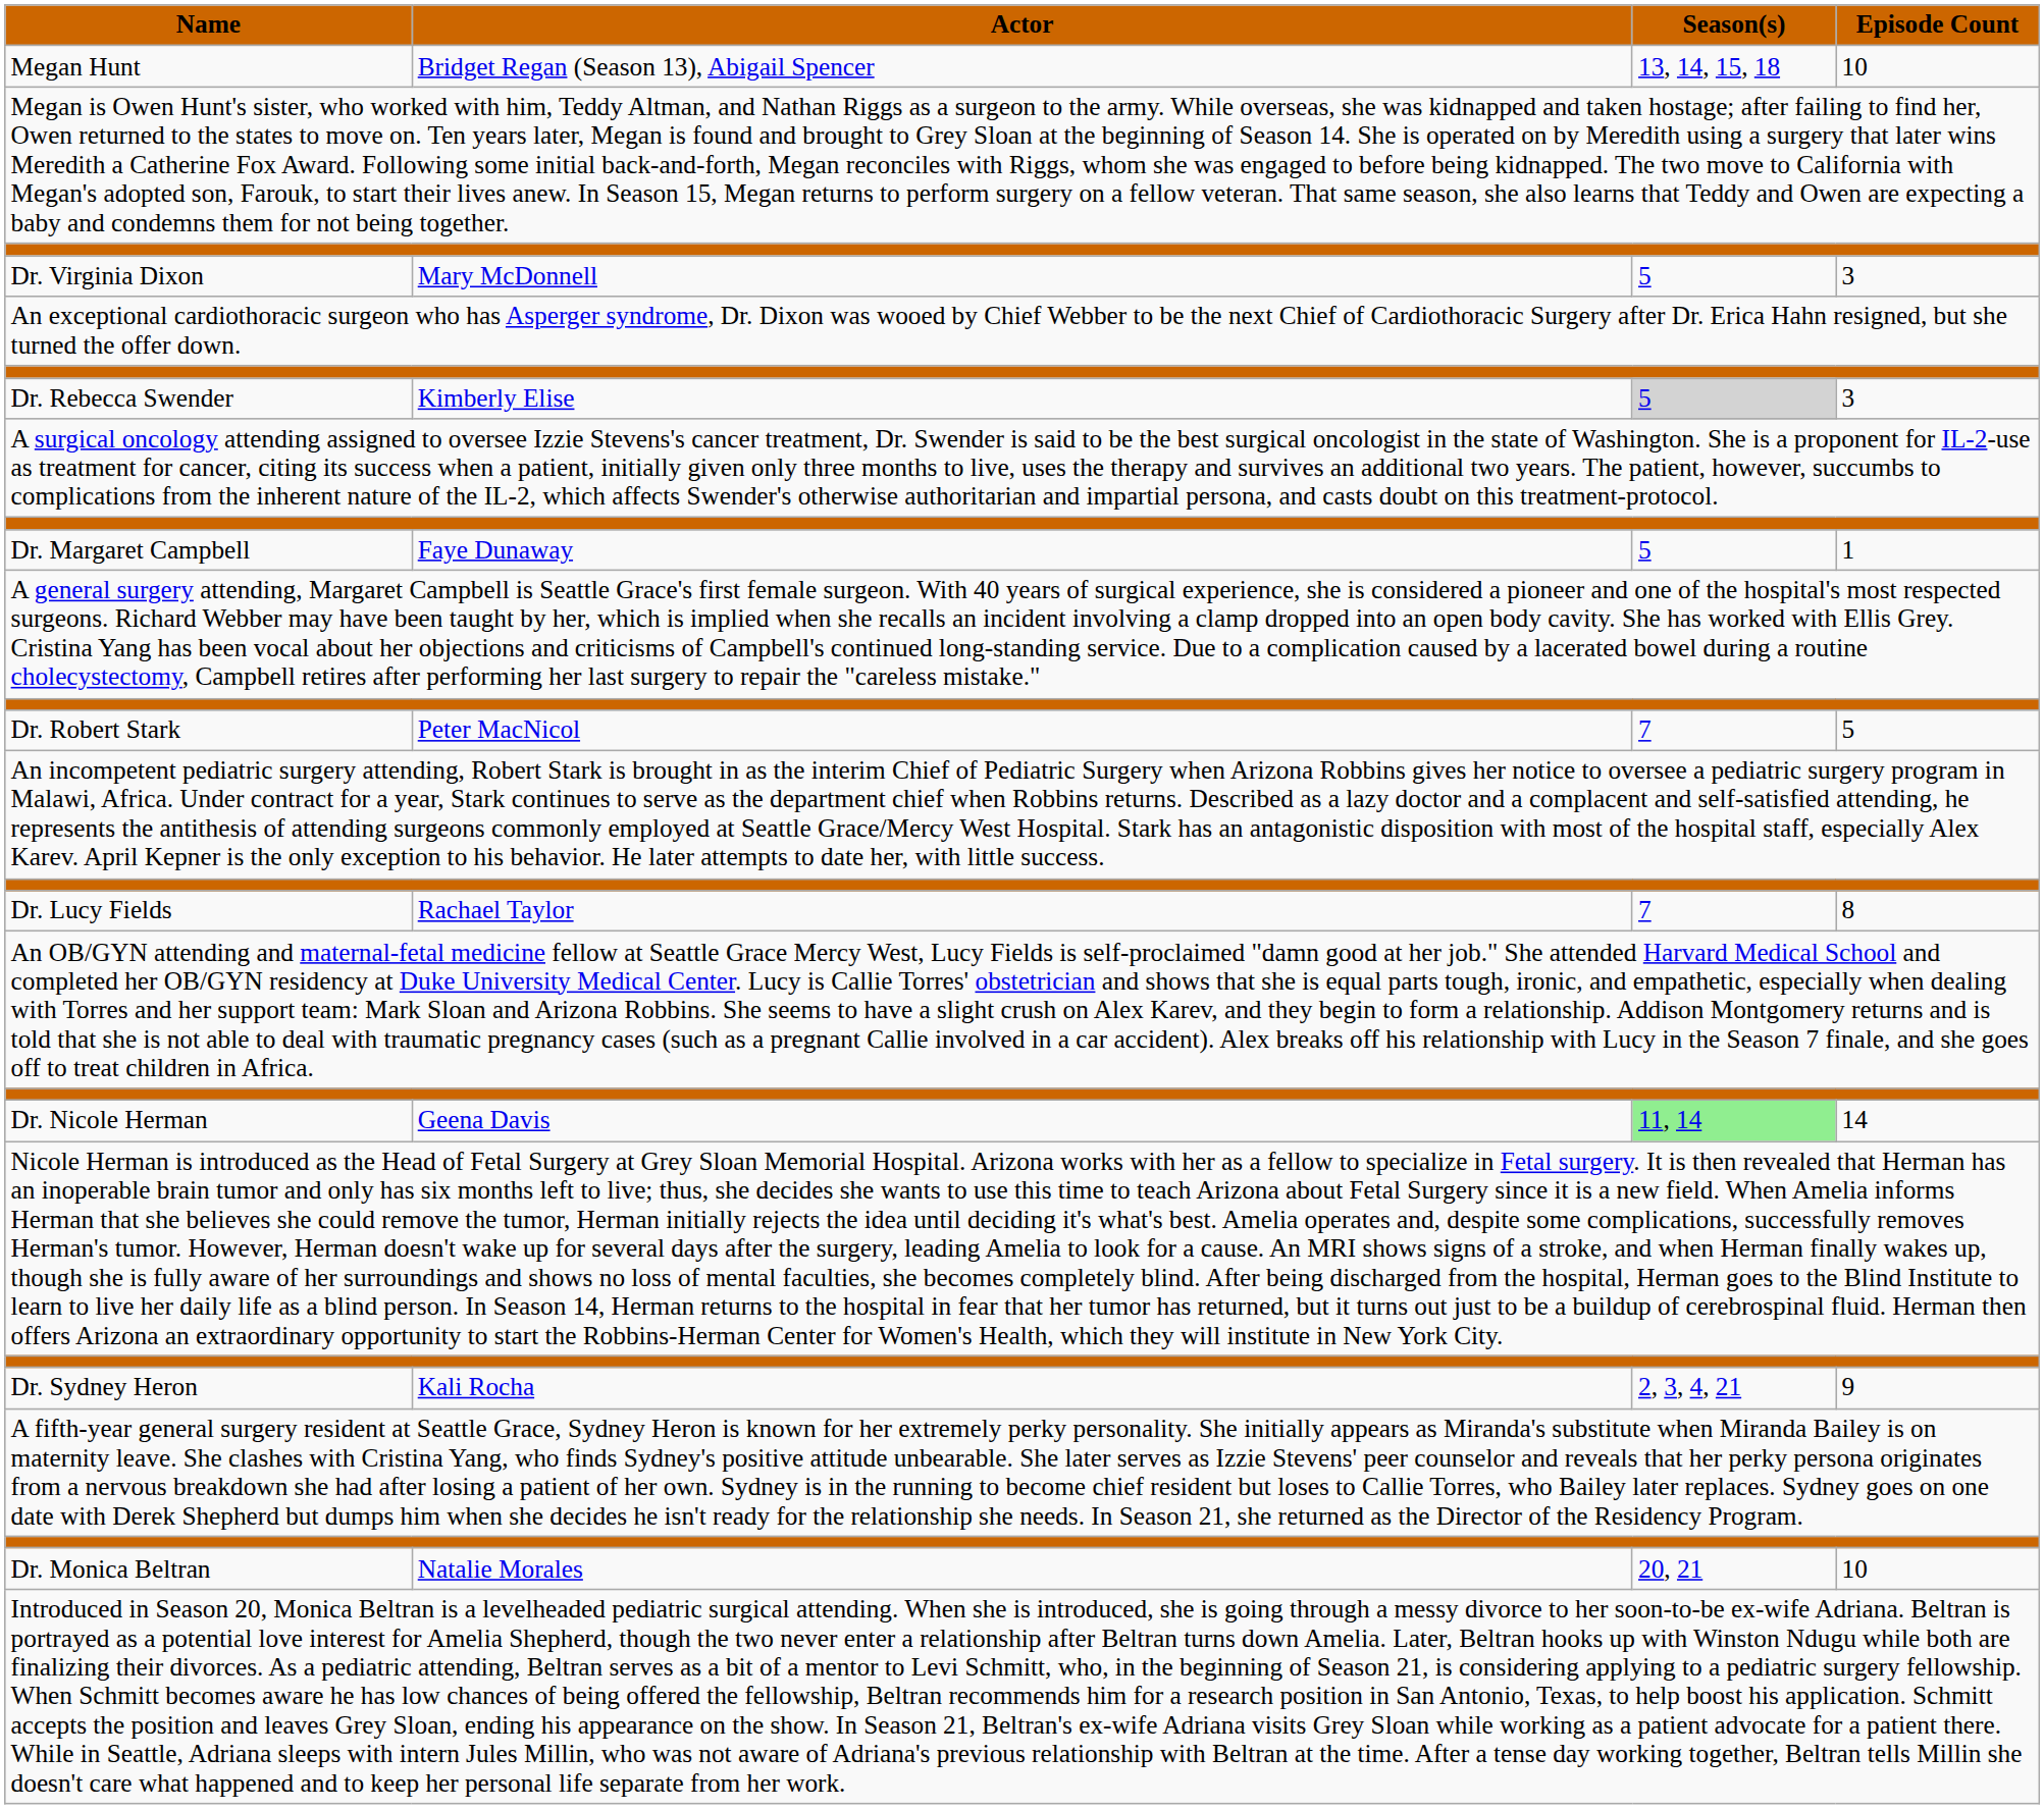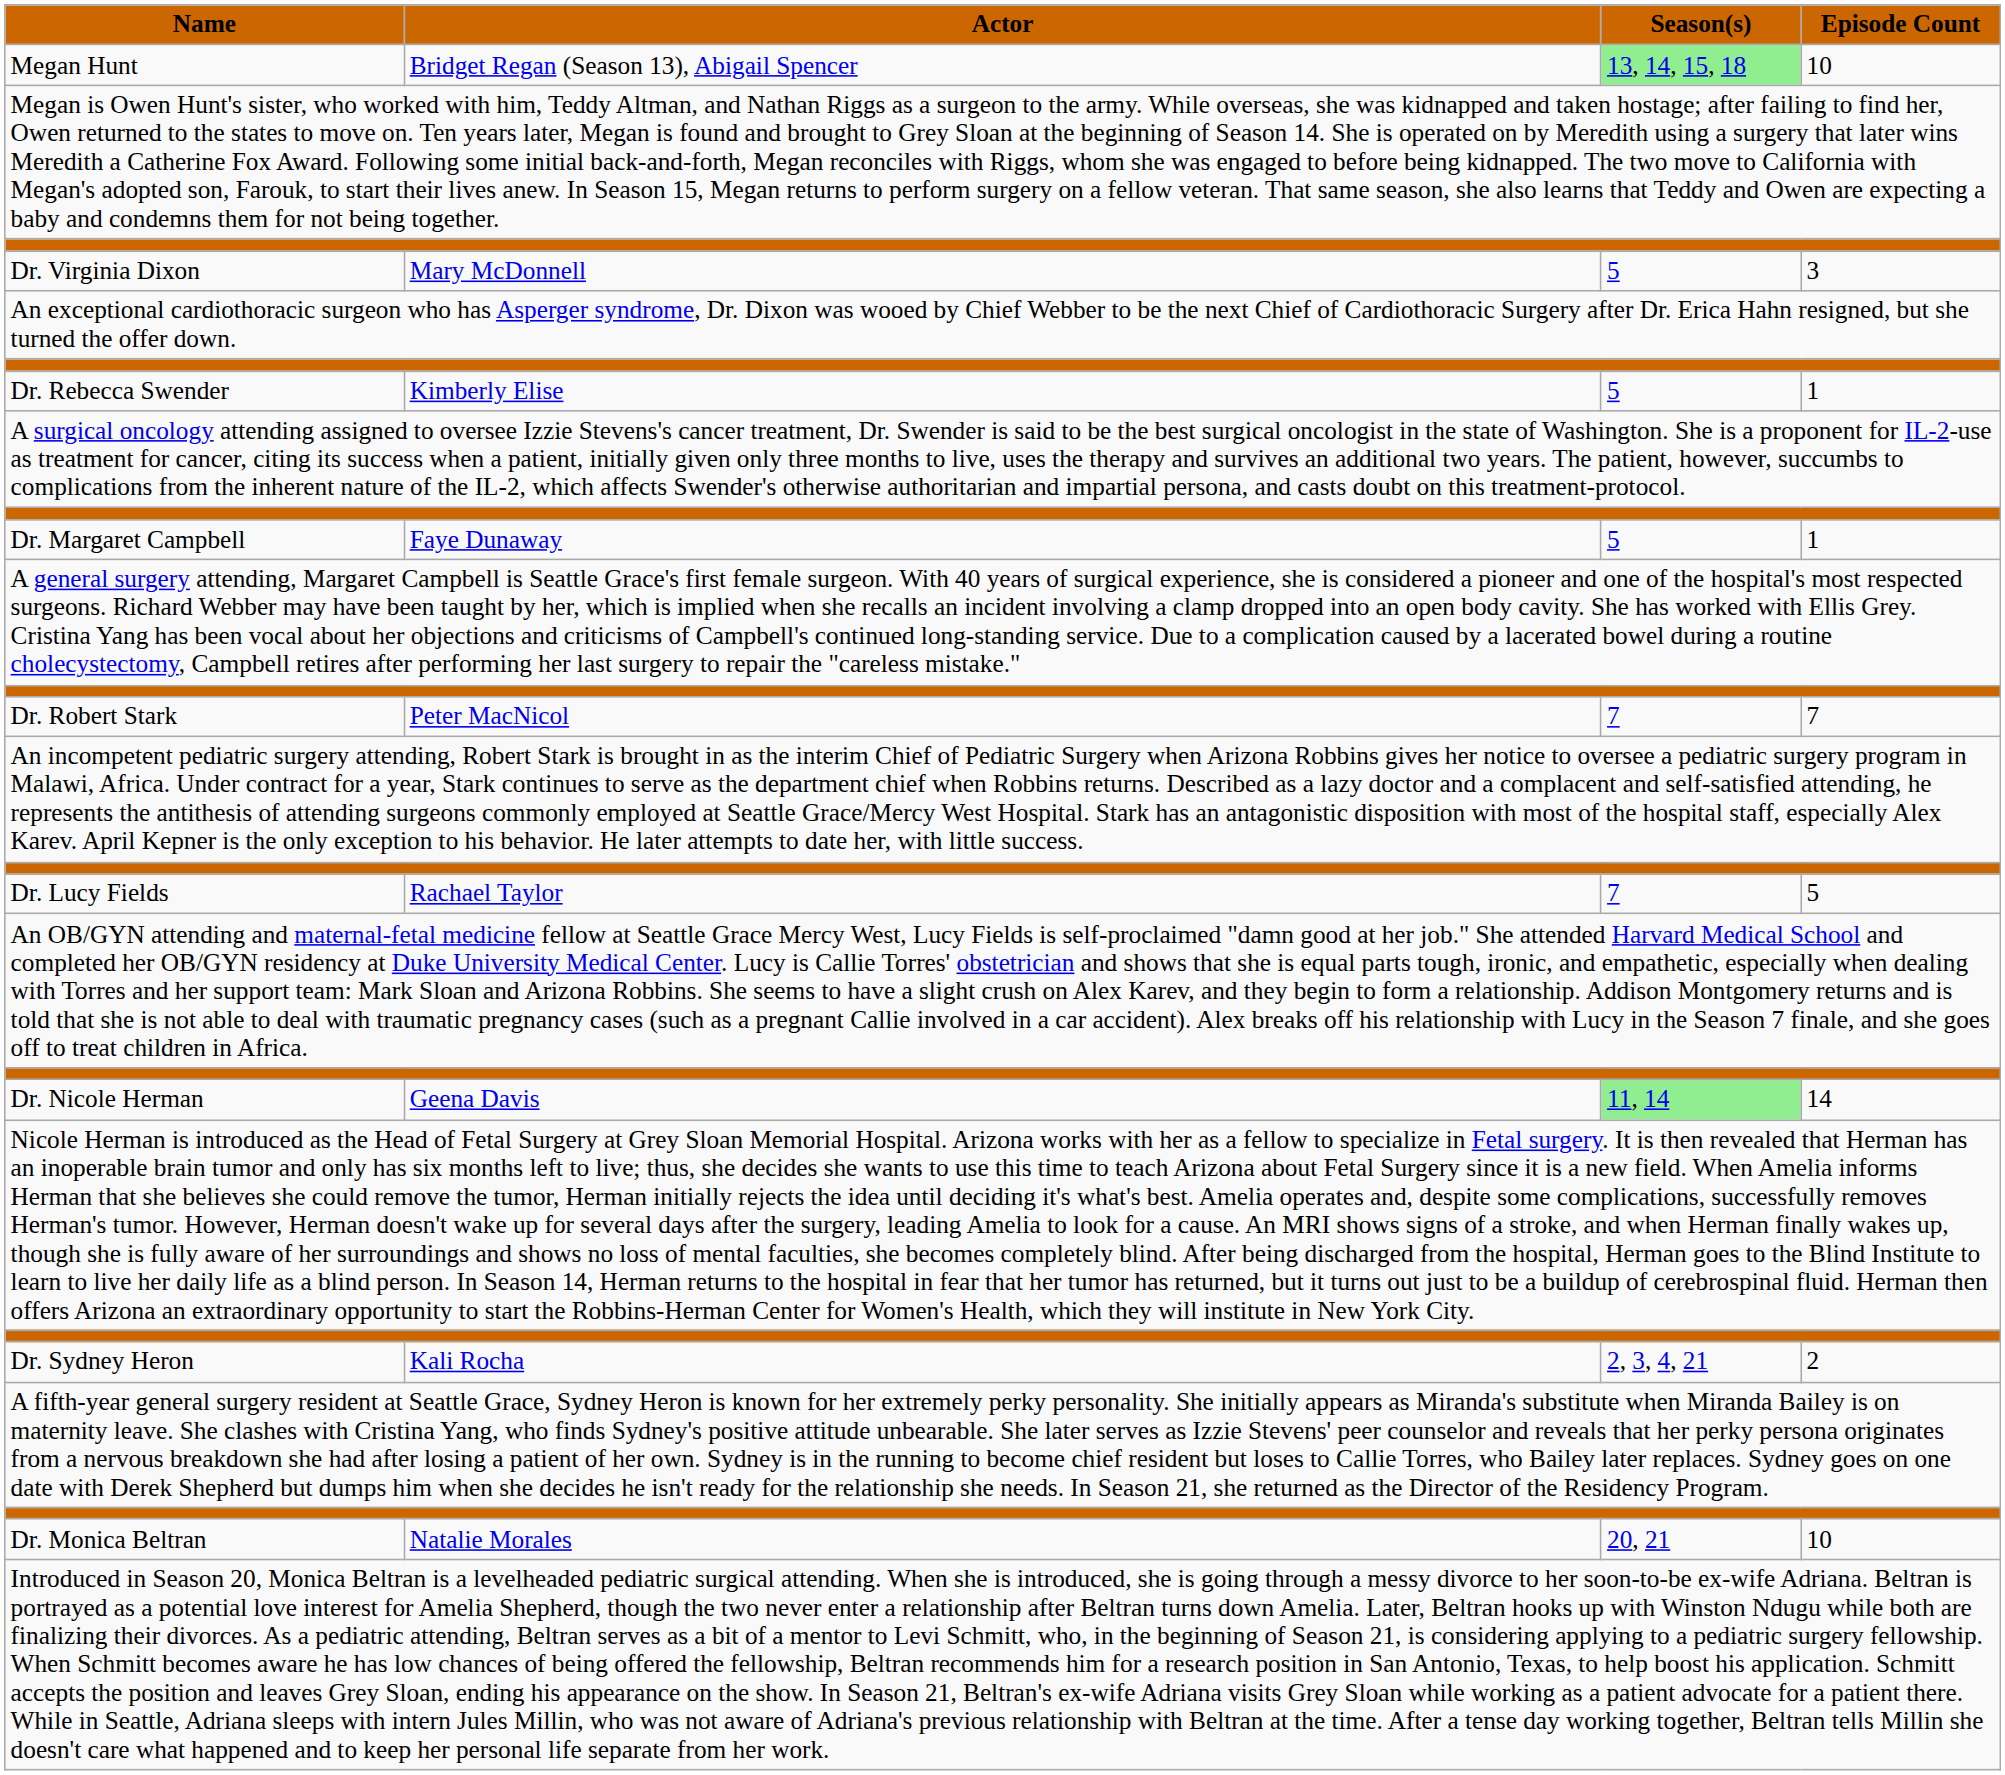 <table class="wikitable" style="width:100%; margin-right:auto;">
 <tr>
 <th style="background-color:#CC6600; width:20%">Name</th>
 <th style="background-color:#CC6600; width:60%">Actor</th>
 <th style="background-color:#CC6600; width:10%">Season(s)</th>
 <th style="background-color:#CC6600; width:10%">Episode Count</th>
 </tr>
 <tr>
 <td>Megan Hunt</td>
 <td><a href='#'>Bridget Regan</a> (Season 13), <a href='#'>Abigail Spencer</a></td>
-<td><a href='#'>13</a>, <a href='#'>14</a>, <a href='#'>15</a>, <a href='#'>18</a></td>
+<td style="background: lightgreen;"><a href='#'>13</a>, <a href='#'>14</a>, <a href='#'>15</a>, <a href='#'>18</a></td>
 <td>10</td>
 </tr>
 <tr>
 <td colspan="6">Megan is Owen Hunt's sister, who worked with him, Teddy Altman, and Nathan Riggs as a surgeon to the army. While overseas, she was kidnapped and taken hostage; after failing to find her, Owen returned to the states to move on. Ten years later, Megan is found and brought to Grey Sloan at the beginning of Season 14. She is operated on by Meredith using a surgery that later wins Meredith a Catherine Fox Award. Following some initial back-and-forth, Megan reconciles with Riggs, whom she was engaged to before being kidnapped. The two move to California with Megan's adopted son, Farouk, to start their lives anew. In Season 15, Megan returns to perform surgery on a fellow veteran. That same season, she also learns that Teddy and Owen are expecting a baby and condemns them for not being together.</td>
 </tr>
 <tr>
 <td colspan="6" bgcolor="#CC6600"></td>
 </tr>
 <tr>
 <td>Dr. Virginia Dixon</td>
 <td><a href='#'>Mary McDonnell</a></td>
 <td><a href='#'>5</a></td>
 <td>3</td>
 </tr>
 <tr>
 <td colspan="5">An exceptional cardiothoracic surgeon who has <a href='#'>Asperger syndrome</a>, Dr. Dixon was wooed by Chief Webber to be the next Chief of Cardiothoracic Surgery after Dr. Erica Hahn resigned, but she turned the offer down.</td>
 </tr>
 <tr>
 <td colspan="5" bgcolor="#CC6600"></td>
 </tr>
 <tr>
 <td>Dr. Rebecca Swender</td>
 <td><a href='#'>Kimberly Elise</a></td>
-<td style="background: lightgrey;"><a href='#'>5</a></td>
-<td>3</td>
+<td><a href='#'>5</a></td>
+<td>1</td>
 </tr>
 <tr>
 <td colspan="5">A <a href='#'>surgical oncology</a> attending assigned to oversee Izzie Stevens's cancer treatment, Dr. Swender is said to be the best surgical oncologist in the state of Washington. She is a proponent for <a href='#'>IL-2</a>-use as treatment for cancer, citing its success when a patient, initially given only three months to live, uses the therapy and survives an additional two years. The patient, however, succumbs to complications from the inherent nature of the IL-2, which affects Swender's otherwise authoritarian and impartial persona, and casts doubt on this treatment-protocol.</td>
 </tr>
 <tr>
 <td colspan="5" bgcolor="#CC6600"></td>
 </tr>
 <tr>
 <td>Dr. Margaret Campbell</td>
 <td><a href='#'>Faye Dunaway</a></td>
 <td><a href='#'>5</a></td>
 <td>1</td>
 </tr>
 <tr>
 <td colspan="5">A <a href='#'>general surgery</a> attending, Margaret Campbell is Seattle Grace's first female surgeon. With 40 years of surgical experience, she is considered a pioneer and one of the hospital's most respected surgeons. Richard Webber may have been taught by her, which is implied when she recalls an incident involving a clamp dropped into an open body cavity. She has worked with Ellis Grey. Cristina Yang has been vocal about her objections and criticisms of Campbell's continued long-standing service. Due to a complication caused by a lacerated bowel during a routine <a href='#'>cholecystectomy</a>, Campbell retires after performing her last surgery to repair the "careless mistake."</td>
 </tr>
 <tr>
 <td colspan="5" bgcolor="#CC6600"></td>
 </tr>
 <tr>
 <td>Dr. Robert Stark</td>
 <td><a href='#'>Peter MacNicol</a></td>
 <td><a href='#'>7</a></td>
-<td>5</td>
+<td>7</td>
 </tr>
 <tr>
 <td colspan="5">An incompetent pediatric surgery attending, Robert Stark is brought in as the interim Chief of Pediatric Surgery when Arizona Robbins gives her notice to oversee a pediatric surgery program in Malawi, Africa. Under contract for a year, Stark continues to serve as the department chief when Robbins returns. Described as a lazy doctor and a complacent and self-satisfied attending, he represents the antithesis of attending surgeons commonly employed at Seattle Grace/Mercy West Hospital. Stark has an antagonistic disposition with most of the hospital staff, especially Alex Karev. April Kepner is the only exception to his behavior. He later attempts to date her, with little success.</td>
 </tr>
 <tr>
 <td colspan="5" bgcolor="#CC6600"></td>
 </tr>
 <tr>
 <td>Dr. Lucy Fields</td>
 <td><a href='#'>Rachael Taylor</a></td>
 <td><a href='#'>7</a></td>
-<td>8</td>
+<td>5</td>
 </tr>
 <tr>
 <td colspan="5">An OB/GYN attending and <a href='#'>maternal-fetal medicine</a> fellow at Seattle Grace Mercy West, Lucy Fields is self-proclaimed "damn good at her job." She attended <a href='#'>Harvard Medical School</a> and completed her OB/GYN residency at <a href='#'>Duke University Medical Center</a>. Lucy is Callie Torres' <a href='#'>obstetrician</a> and shows that she is equal parts tough, ironic, and empathetic, especially when dealing with Torres and her support team: Mark Sloan and Arizona Robbins. She seems to have a slight crush on Alex Karev, and they begin to form a relationship. Addison Montgomery returns and is told that she is not able to deal with traumatic pregnancy cases (such as a pregnant Callie involved in a car accident). Alex breaks off his relationship with Lucy in the Season 7 finale, and she goes off to treat children in Africa.</td>
 </tr>
 <tr>
 <td colspan="5" bgcolor="#CC6600"></td>
 </tr>
 <tr>
 <td>Dr. Nicole Herman</td>
 <td><a href='#'>Geena Davis</a></td>
 <td style="background: lightgreen;"><a href='#'>11</a>, <a href='#'>14</a></td>
 <td>14</td>
 </tr>
 <tr>
 <td colspan="5">Nicole Herman is introduced as the Head of Fetal Surgery at Grey Sloan Memorial Hospital. Arizona works with her as a fellow to specialize in <a href='#'>Fetal surgery</a>. It is then revealed that Herman has an inoperable brain tumor and only has six months left to live; thus, she decides she wants to use this time to teach Arizona about Fetal Surgery since it is a new field. When Amelia informs Herman that she believes she could remove the tumor, Herman initially rejects the idea until deciding it's what's best. Amelia operates and, despite some complications, successfully removes Herman's tumor. However, Herman doesn't wake up for several days after the surgery, leading Amelia to look for a cause. An MRI shows signs of a stroke, and when Herman finally wakes up, though she is fully aware of her surroundings and shows no loss of mental faculties, she becomes completely blind. After being discharged from the hospital, Herman goes to the Blind Institute to learn to live her daily life as a blind person. In Season 14, Herman returns to the hospital in fear that her tumor has returned, but it turns out just to be a buildup of cerebrospinal fluid. Herman then offers Arizona an extraordinary opportunity to start the Robbins-Herman Center for Women's Health, which they will institute in New York City.</td>
 </tr>
 <tr>
 <td colspan="5" bgcolor="#CC6600"></td>
 </tr>
 <tr>
 <td>Dr. Sydney Heron</td>
 <td><a href='#'>Kali Rocha</a></td>
 <td><a href='#'>2</a>, <a href='#'>3</a>, <a href='#'>4</a>, <a href='#'>21</a></td>
-<td>9</td>
+<td>2</td>
 </tr>
 <tr>
 <td colspan="5">A fifth-year general surgery resident at Seattle Grace, Sydney Heron is known for her extremely perky personality. She initially appears as Miranda's substitute when Miranda Bailey is on maternity leave. She clashes with Cristina Yang, who finds Sydney's positive attitude unbearable. She later serves as Izzie Stevens' peer counselor and reveals that her perky persona originates from a nervous breakdown she had after losing a patient of her own. Sydney is in the running to become chief resident but loses to Callie Torres, who Bailey later replaces. Sydney goes on one date with Derek Shepherd but dumps him when she decides he isn't ready for the relationship she needs. In Season 21, she returned as the Director of the Residency Program.</td>
 </tr>
 <tr>
 <td colspan="5" bgcolor="#CC6600"></td>
 </tr>
 <tr>
 <td>Dr. Monica Beltran</td>
 <td><a href='#'>Natalie Morales</a></td>
 <td><a href='#'>20</a>, <a href='#'>21</a></td>
 <td>10</td>
 </tr>
 <tr>
 <td colspan="5">Introduced in Season 20, Monica Beltran is a levelheaded pediatric surgical attending. When she is introduced, she is going through a messy divorce to her soon-to-be ex-wife Adriana. Beltran is portrayed as a potential love interest for Amelia Shepherd, though the two never enter a relationship after Beltran turns down Amelia. Later, Beltran hooks up with Winston Ndugu while both are finalizing their divorces. As a pediatric attending, Beltran serves as a bit of a mentor to Levi Schmitt, who, in the beginning of Season 21, is considering applying to a pediatric surgery fellowship. When Schmitt becomes aware he has low chances of being offered the fellowship, Beltran recommends him for a research position in San Antonio, Texas, to help boost his application. Schmitt accepts the position and leaves Grey Sloan, ending his appearance on the show. In Season 21, Beltran's ex-wife Adriana visits Grey Sloan while working as a patient advocate for a patient there. While in Seattle, Adriana sleeps with intern Jules Millin, who was not aware of Adriana's previous relationship with Beltran at the time. After a tense day working together, Beltran tells Millin she doesn't care what happened and to keep her personal life separate from her work.</td>
 </tr>
 </table>
